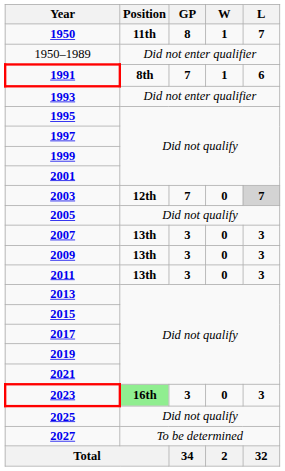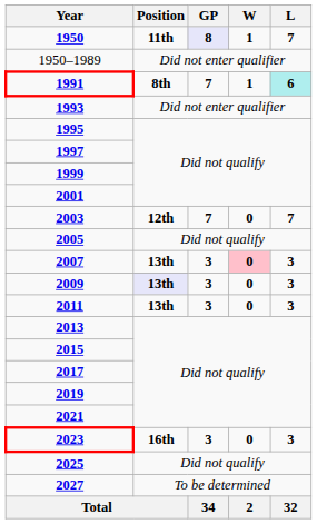 <table class="wikitable">
 <tr>
 <th width=140>Year</th>
 <th>Position</th>
 <th width=40>GP</th>
 <th width=40>W</th>
 <th width=40>L</th>
 </tr>
 <tr align=center>
 <td><strong> <a href='#'>1950</a></strong></td>
 <td><strong>11th</strong></td>
-<td><strong> 8 </strong></td>
+<td style="background: lavender;"><strong> 8 </strong></td>
 <td><strong>1</strong></td>
 <td><strong>7</strong></td>
 </tr>
 <tr align=center>
 <td>1950–1989</td>
 <td colspan=4 align=center><em>Did not enter qualifier</em></td>
 </tr>
 <tr align=center>
 <td style="border: 3px solid red"><strong> <a href='#'>1991</a></strong></td>
 <td><strong>8th</strong></td>
 <td><strong> 7 </strong></td>
 <td><strong>1</strong></td>
-<td><strong>6</strong></td>
+<td style="background: paleturquoise;"><strong>6</strong></td>
 </tr>
 <tr align=center>
 <td><strong> <a href='#'>1993</a></strong></td>
 <td colspan=4 align=center><em>Did not enter qualifier</em></td>
 </tr>
 <tr align=center>
 <td><strong> <a href='#'>1995</a></strong></td>
 <td colspan=4 align=center rowspan=4><em>Did not qualify</em></td>
 </tr>
 <tr align=center>
 <td><strong> <a href='#'>1997</a></strong></td>
 </tr>
 <tr align=center>
 <td><strong> <a href='#'>1999</a></strong></td>
 </tr>
 <tr align=center>
 <td><strong> <a href='#'>2001</a></strong></td>
 </tr>
 <tr align=center>
 <td><strong> <a href='#'>2003</a></strong></td>
 <td><strong>12th</strong></td>
 <td><strong>7</strong></td>
 <td><strong>0</strong></td>
-<td style="background: lightgrey;"><strong>7</strong></td>
+<td><strong>7</strong></td>
 </tr>
 <tr align=center>
 <td><strong> <a href='#'>2005</a></strong></td>
 <td colspan=4 align=center><em>Did not qualify</em></td>
 </tr>
 <tr align=center>
 <td><strong> <a href='#'>2007</a></strong></td>
 <td><strong>13th</strong></td>
 <td><strong>3</strong></td>
-<td><strong>0</strong></td>
+<td style="background: pink;"><strong>0</strong></td>
 <td><strong>3</strong></td>
 </tr>
 <tr align=center>
 <td><strong> <a href='#'>2009</a></strong></td>
-<td><strong>13th</strong></td>
+<td style="background: lavender;"><strong>13th</strong></td>
 <td><strong>3</strong></td>
 <td><strong>0</strong></td>
 <td><strong>3</strong></td>
 </tr>
 <tr align=center>
 <td><strong> <a href='#'>2011</a></strong></td>
 <td><strong>13th</strong></td>
 <td><strong>3</strong></td>
 <td><strong>0</strong></td>
 <td><strong>3</strong></td>
 </tr>
 <tr align=center>
 <td><strong> <a href='#'>2013</a></strong></td>
 <td colspan=4 align=center rowspan=5><em>Did not qualify</em></td>
 </tr>
 <tr align=center>
 <td><strong> <a href='#'>2015</a></strong></td>
 </tr>
 <tr align=center>
 <td><strong> <a href='#'>2017</a></strong></td>
 </tr>
 <tr align=center>
 <td><strong> <a href='#'>2019</a></strong></td>
 </tr>
 <tr align=center>
 <td><strong> <a href='#'>2021</a></strong></td>
 </tr>
 <tr align=center>
 <td style="border: 3px solid red"><strong> <a href='#'>2023</a></strong></td>
-<td style="background: lightgreen;"><strong>16th</strong></td>
+<td><strong>16th</strong></td>
 <td><strong>3</strong></td>
 <td><strong>0</strong></td>
 <td><strong>3</strong></td>
 </tr>
 <tr align=center>
 <td><strong> <a href='#'>2025</a></strong></td>
 <td colspan=4 align=center><em>Did not qualify</em></td>
 </tr>
 <tr align=center>
 <td><strong> <a href='#'>2027</a></strong></td>
 <td colspan=4 align=center><em>To be determined</em></td>
 </tr>
 <tr>
 <th colspan=2>Total</th>
 <th>34</th>
 <th>2</th>
 <th>32</th>
 </tr>
 </table>
